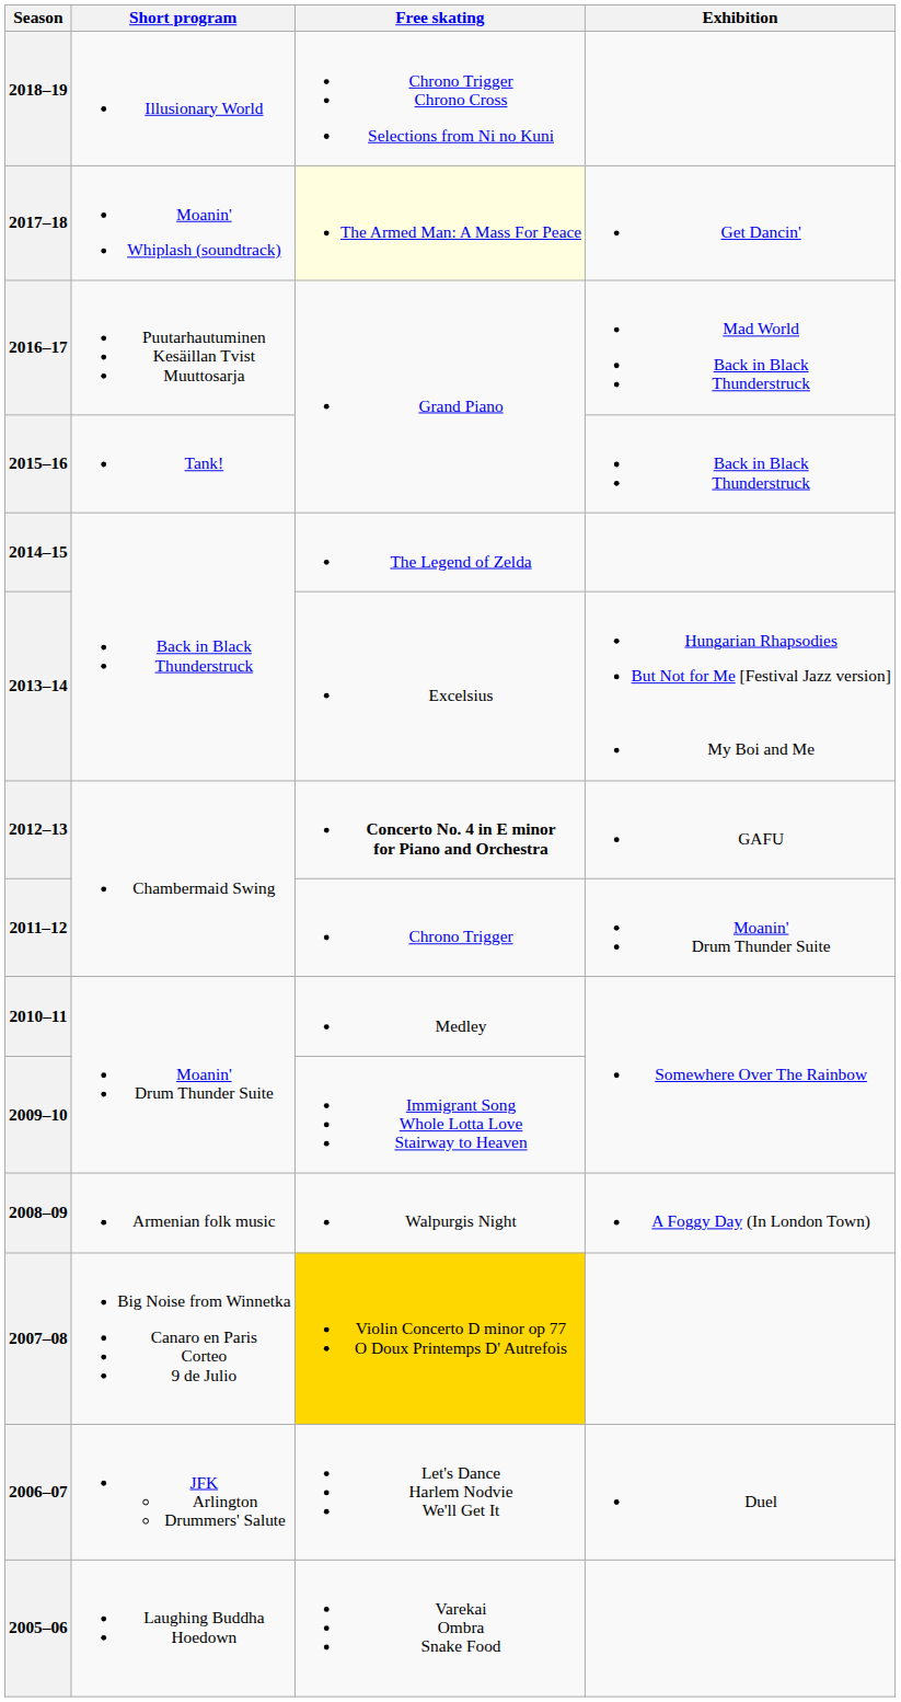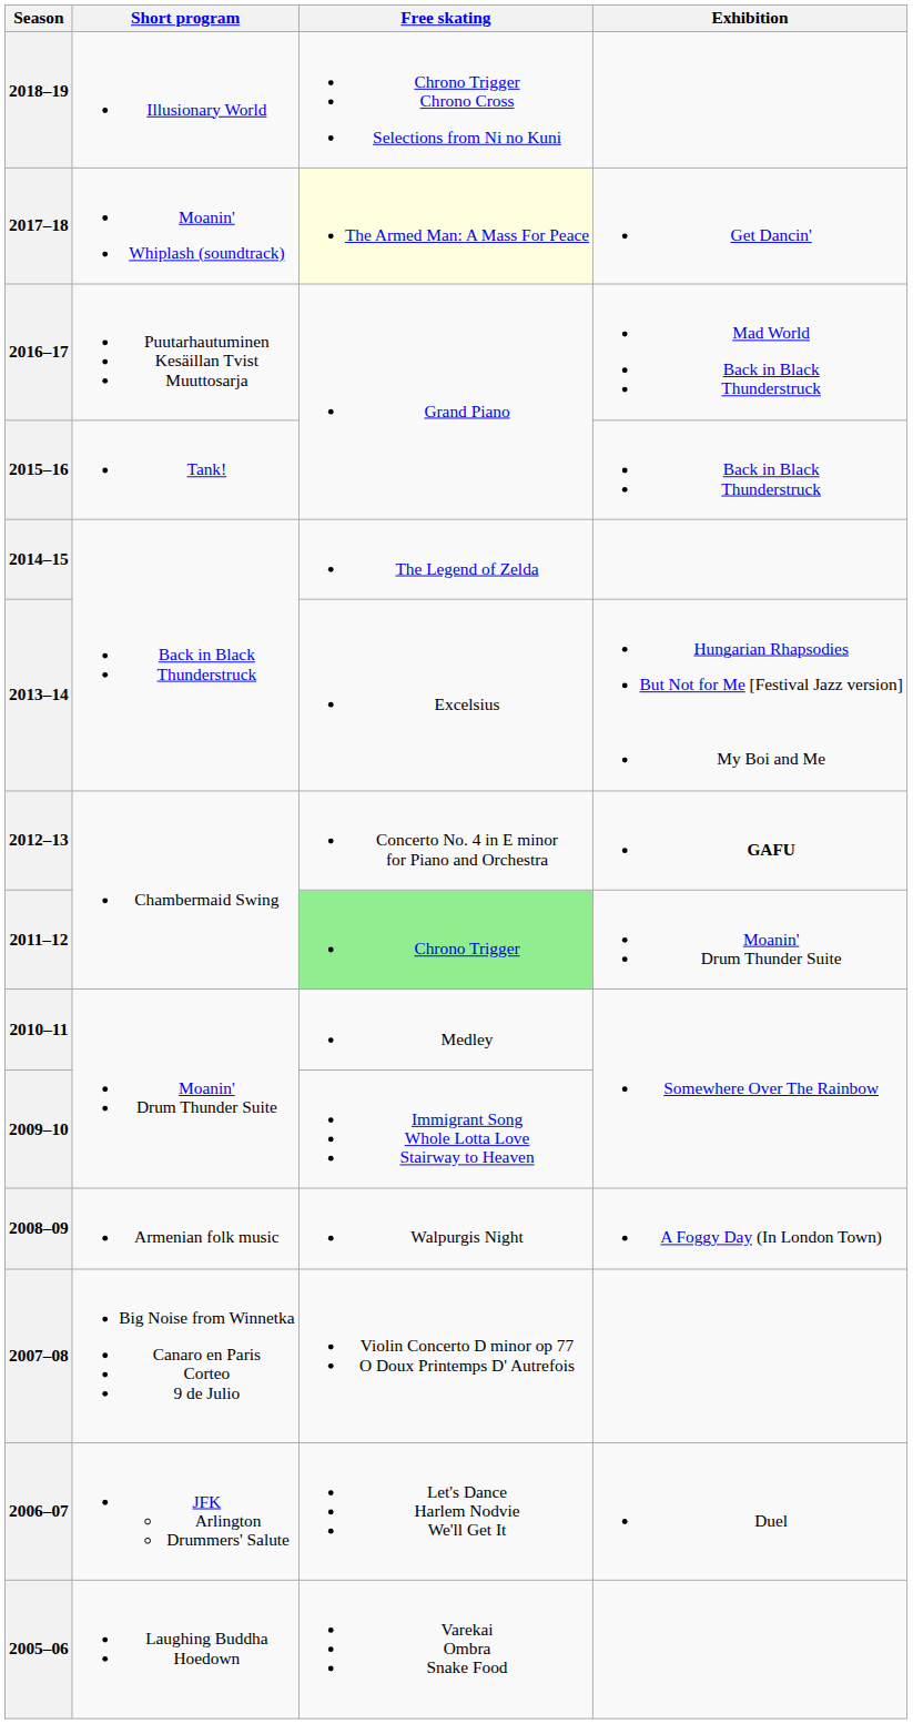 <table class="wikitable" style="text-align:center">
 <tr>
 <th>Season</th>
 <th><a href='#'>Short program</a></th>
 <th><a href='#'>Free skating</a></th>
 <th>Exhibition</th>
 </tr>
 <tr>
 <th>2018–19 <br> <br> </th>
 <td><br><ul><li><a href='#'>Illusionary World</a> <br> </li></ul></td>
 <td><br><ul><li><a href='#'>Chrono Trigger</a> <br></li><li><a href='#'>Chrono Cross</a> <br></li></ul><ul><li><a href='#'>Selections from Ni no Kuni</a> <br> </li></ul></td>
 <td></td>
 </tr>
 <tr>
 <th>2017–18 <br></th>
 <td><br><ul><li><a href='#'>Moanin'</a> <br></li></ul><ul><li><a href='#'>Whiplash (soundtrack)</a> <br> </li></ul></td>
 <td style="background: lightyellow;"><br><ul><li><a href='#'>The Armed Man: A Mass For Peace</a> <br> </li></ul></td>
 <td><br><ul><li><a href='#'>Get Dancin'</a> <br></li></ul></td>
 </tr>
 <tr>
 <th>2016–17 <br> </th>
 <td><br><ul><li>Puutarhautuminen <br></li><li>Kesäillan Tvist <br></li><li>Muuttosarja <br></li></ul></td>
 <td rowspan=2><br><ul><li><a href='#'>Grand Piano</a> <br></li></ul></td>
 <td><br><ul><li><a href='#'>Mad World</a><br></li></ul><ul><li><a href='#'>Back in Black</a></li><li><a href='#'>Thunderstruck</a><br></li></ul></td>
 </tr>
 <tr>
 <th>2015–16 <br> </th>
 <td><br><ul><li><a href='#'>Tank!</a> <br>  <br></li></ul></td>
 <td><br><ul><li><a href='#'>Back in Black</a></li><li><a href='#'>Thunderstruck</a> <br></li></ul></td>
 </tr>
 <tr>
 <th>2014–15 <br> </th>
 <td rowspan=2><br><ul><li><a href='#'>Back in Black</a></li><li><a href='#'>Thunderstruck</a> <br></li></ul></td>
 <td><br><ul><li><a href='#'>The Legend of Zelda</a> <br></li></ul></td>
 <td></td>
 </tr>
 <tr>
 <th>2013–14 <br> </th>
 <td><br><ul><li>Excelsius <br></li></ul></td>
 <td><br><ul><li><a href='#'>Hungarian Rhapsodies</a><br></li></ul><ul><li><a href='#'>But Not for Me</a> [Festival Jazz version] <br> <br> <br></li></ul><ul><li>My Boi and Me <br></li></ul></td>
 </tr>
 <tr>
 <th>2012–13 <br> </th>
 <td rowspan=2><br><ul><li>Chambermaid Swing <br></li></ul></td>
-<td><strong><br><ul><li>Concerto No. 4 in E minor <br> for Piano and Orchestra <br></li></ul></strong></td>
-<td><br><ul><li>GAFU  <br></li></ul></td>
+<td><br><ul><li>Concerto No. 4 in E minor <br> for Piano and Orchestra <br></li></ul></td>
+<td><strong><br><ul><li>GAFU  <br></li></ul></strong></td>
 </tr>
 <tr>
 <th>2011–12 <br> </th>
-<td><br><ul><li><a href='#'>Chrono Trigger</a> <br></li></ul></td>
+<td style="background: lightgreen;"><br><ul><li><a href='#'>Chrono Trigger</a> <br></li></ul></td>
 <td><br><ul><li><a href='#'>Moanin'</a></li><li>Drum Thunder Suite <br></li></ul></td>
 </tr>
 <tr>
 <th>2010–11 <br> </th>
 <td rowspan=2><br><ul><li><a href='#'>Moanin'</a></li><li>Drum Thunder Suite <br></li></ul></td>
 <td><br><ul><li>Medley <br></li></ul></td>
 <td rowspan=2><br><ul><li><a href='#'>Somewhere Over The Rainbow</a> <br> <br></li></ul></td>
 </tr>
 <tr>
 <th>2009–10 <br> </th>
 <td><br><ul><li><a href='#'>Immigrant Song</a></li><li><a href='#'>Whole Lotta Love</a></li><li><a href='#'>Stairway to Heaven</a> <br></li></ul></td>
 </tr>
 <tr>
 <th>2008–09 <br> </th>
 <td><br><ul><li>Armenian folk music <br></li></ul></td>
 <td><br><ul><li>Walpurgis Night <br></li></ul></td>
 <td><br><ul><li><a href='#'>A Foggy Day</a> (In London Town) <br></li></ul></td>
 </tr>
 <tr>
 <th>2007–08 <br> </th>
 <td><br><ul><li>Big Noise from Winnetka <br></li></ul><ul><li>Canaro en Paris <br></li><li>Corteo <br></li><li>9 de Julio <br> <br></li></ul></td>
-<td style="background: gold;"><br><ul><li>Violin Concerto D minor op 77 <br></li><li>O Doux Printemps D' Autrefois <br> <br></li></ul></td>
+<td><br><ul><li>Violin Concerto D minor op 77 <br></li><li>O Doux Printemps D' Autrefois <br> <br></li></ul></td>
 <td></td>
 </tr>
 <tr>
 <th>2006–07 <br> </th>
 <td><br><ul><li><a href='#'>JFK</a> <br><ul><li>Arlington</li><li>Drummers' Salute <br></li></ul></li></ul></td>
 <td><br><ul><li>Let's Dance <br></li><li>Harlem Nodvie <br></li><li>We'll Get It <br> <br></li></ul></td>
 <td><br><ul><li>Duel <br></li></ul></td>
 </tr>
 <tr>
 <th>2005–06 <br> </th>
 <td><br><ul><li>Laughing Buddha <br></li><li>Hoedown <br> <br></li></ul></td>
 <td><br><ul><li>Varekai <br></li><li>Ombra <br></li><li>Snake Food <br> <br></li></ul></td>
 <td></td>
 </tr>
 </table>
